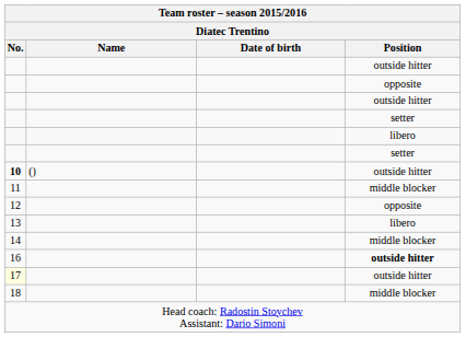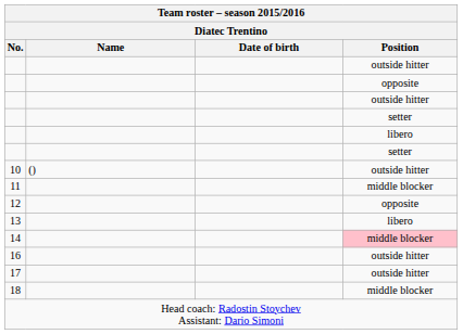 <table class="wikitable collapsible collapsed sortable" style="font-size:100%; text-align:center;">
 <tr>
 <th colspan=6>Team roster – season 2015/2016</th>
 </tr>
 <tr>
 <th colspan=6>Diatec Trentino</th>
 </tr>
 <tr>
 <th>No.</th>
 <th style="width:15em">Name</th>
 <th style="width:13em">Date of birth</th>
 <th style="width:10em">Position</th>
 </tr>
 <tr>
 <td></td>
 <td align=left> </td>
 <td align=right></td>
 <td>outside hitter</td>
 </tr>
 <tr>
 <td></td>
 <td align=left> </td>
 <td align=right></td>
 <td>opposite</td>
 </tr>
 <tr>
 <td></td>
 <td align=left> </td>
 <td align=right></td>
 <td>outside hitter</td>
 </tr>
 <tr>
 <td></td>
 <td align=left> </td>
 <td align=right></td>
 <td>setter</td>
 </tr>
 <tr>
 <td></td>
 <td align=left> </td>
 <td align=right></td>
 <td>libero</td>
 </tr>
 <tr>
 <td></td>
 <td align=left> </td>
 <td align=right></td>
 <td>setter</td>
 </tr>
 <tr>
-<td><strong>10</strong></td>
+<td>10</td>
 <td align=left>  ()</td>
 <td align=right></td>
 <td>outside hitter</td>
 </tr>
 <tr>
 <td>11</td>
 <td align=left> </td>
 <td align=right></td>
 <td>middle blocker</td>
 </tr>
 <tr>
 <td>12</td>
 <td align=left> </td>
 <td align=right></td>
 <td>opposite</td>
 </tr>
 <tr>
 <td>13</td>
 <td align=left> </td>
 <td align=right></td>
 <td>libero</td>
 </tr>
 <tr>
 <td>14</td>
 <td align=left> </td>
 <td align=right></td>
-<td>middle blocker</td>
+<td style="background: pink;">middle blocker</td>
 </tr>
 <tr>
 <td>16</td>
 <td align=left> </td>
 <td align=right></td>
-<td><strong>outside hitter</strong></td>
+<td>outside hitter</td>
 </tr>
 <tr>
-<td style="background: lightyellow;">17</td>
+<td>17</td>
 <td align=left> </td>
 <td align=right></td>
 <td>outside hitter</td>
 </tr>
 <tr>
 <td>18</td>
 <td align=left> </td>
 <td align=right></td>
 <td>middle blocker</td>
 </tr>
 <tr>
 <td colspan=4>Head coach: <a href='#'>Radostin Stoychev</a><br>Assistant: <a href='#'>Dario Simoni</a></td>
 </tr>
 </table>
